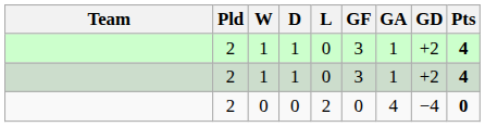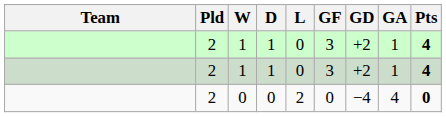 <table class="wikitable" style="text-align:center">
 <tr>
 <th width="175">Team</th>
 <th width="20">Pld</th>
 <th width="20">W</th>
 <th width="20">D</th>
 <th width="20">L</th>
 <th width="20">GF</th>
+<th width="20">GD</th>
 <th width="20">GA</th>
-<th width="20">GD</th>
 <th width="20">Pts</th>
 </tr>
 <tr bgcolor="#ccffcc">
 <td align=left></td>
 <td>2</td>
 <td>1</td>
 <td>1</td>
 <td>0</td>
 <td>3</td>
+<td>+2</td>
 <td>1</td>
-<td>+2</td>
 <td><strong>4</strong></td>
 </tr>
 <tr bgcolor="#ccddcc">
 <td align=left></td>
 <td>2</td>
 <td>1</td>
 <td>1</td>
 <td>0</td>
 <td>3</td>
+<td>+2</td>
 <td>1</td>
-<td>+2</td>
 <td><strong>4</strong></td>
 </tr>
 <tr>
 <td align=left></td>
 <td>2</td>
 <td>0</td>
 <td>0</td>
 <td>2</td>
 <td>0</td>
+<td>−4</td>
 <td>4</td>
-<td>−4</td>
 <td><strong>0</strong></td>
 </tr>
 </table>
